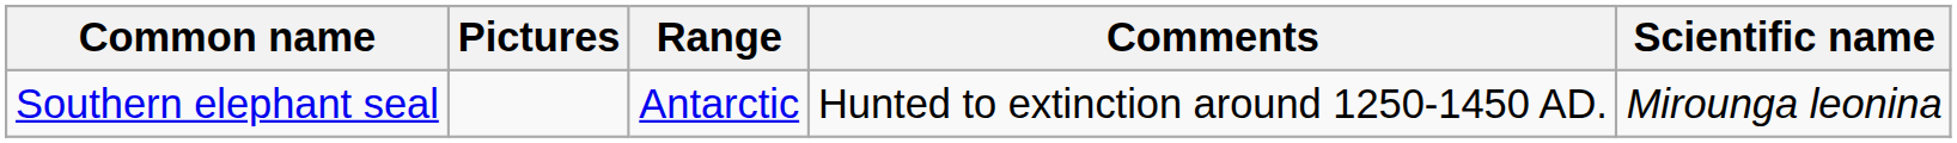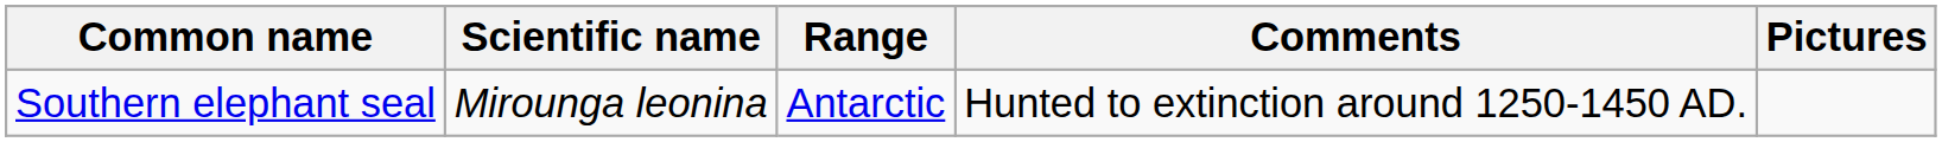 <table class="wikitable">
 <tr>
 <th>Common name</th>
-<th class="unsortable">Pictures</th>
+<th>Scientific name</th>
 <th>Range</th>
 <th class="unsortable">Comments</th>
-<th>Scientific name</th>
+<th class="unsortable">Pictures</th>
 </tr>
 <tr>
 <td><a href='#'>Southern elephant seal</a></td>
-<td></td>
+<td><em>Mirounga leonina</em></td>
 <td><a href='#'>Antarctic</a></td>
 <td>Hunted to extinction around 1250-1450 AD.</td>
-<td><em>Mirounga leonina</em></td>
+<td></td>
 </tr>
 </table>
